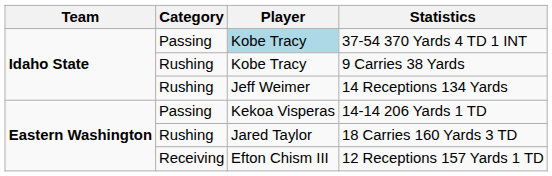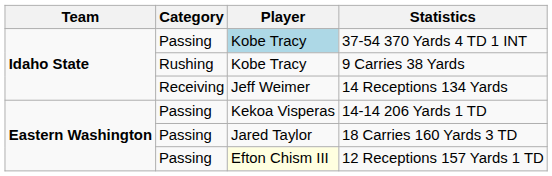 <table class="wikitable" style="float: right;">
 <tr>
 <th>Team</th>
 <th>Category</th>
 <th>Player</th>
 <th>Statistics</th>
 </tr>
 <tr>
 <td rowspan=3><strong>Idaho State</strong></td>
 <td>Passing</td>
 <td style="background: lightblue;">Kobe Tracy</td>
 <td>37-54 370 Yards 4 TD 1 INT</td>
 </tr>
 <tr>
 <td>Rushing</td>
 <td>Kobe Tracy</td>
 <td>9 Carries 38 Yards</td>
 </tr>
 <tr>
-<td>Rushing</td>
+<td>Receiving</td>
 <td>Jeff Weimer</td>
 <td>14 Receptions 134 Yards</td>
 </tr>
 <tr>
 <td rowspan=3><strong>Eastern Washington</strong></td>
 <td>Passing</td>
 <td>Kekoa Visperas</td>
 <td>14-14 206 Yards 1 TD</td>
 </tr>
 <tr>
-<td>Rushing</td>
+<td>Passing</td>
 <td>Jared Taylor</td>
 <td>18 Carries 160 Yards 3 TD</td>
 </tr>
 <tr>
-<td>Receiving</td>
-<td>Efton Chism III</td>
+<td>Passing</td>
+<td style="background: lightyellow;">Efton Chism III</td>
 <td>12 Receptions 157 Yards 1 TD</td>
 </tr>
 </table>
